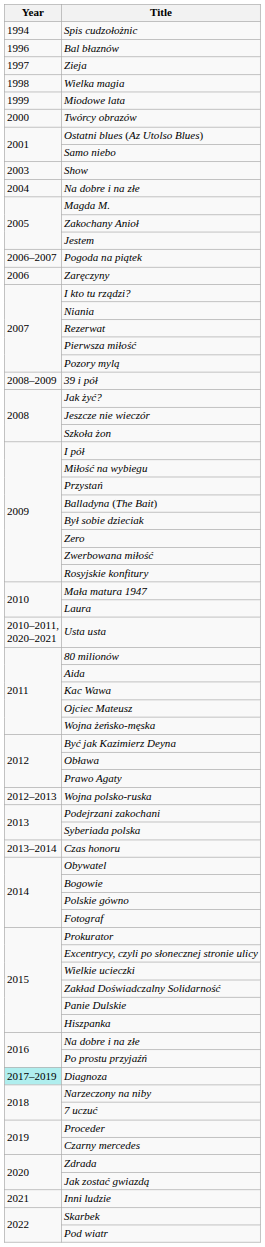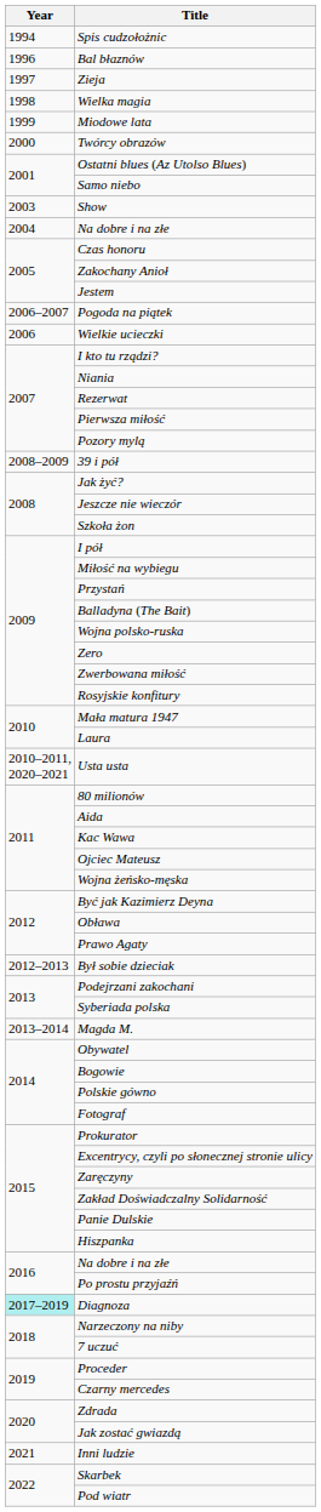 <table class="wikitable">
 <tr>
 <th>Year</th>
 <th>Title</th>
 </tr>
 <tr>
 <td>1994</td>
 <td><em>Spis cudzołożnic</em></td>
 </tr>
 <tr>
 <td>1996</td>
 <td><em>Bal błaznów</em></td>
 </tr>
 <tr>
 <td>1997</td>
 <td><em>Zieja</em></td>
 </tr>
 <tr>
 <td>1998</td>
 <td><em>Wielka magia</em></td>
 </tr>
 <tr>
 <td>1999</td>
 <td><em>Miodowe lata</em></td>
 </tr>
 <tr>
 <td>2000</td>
 <td><em>Twórcy obrazów</em></td>
 </tr>
 <tr>
 <td rowspan="2">2001</td>
 <td><em>Ostatni blues</em> (<em>Az Utolso Blues</em>)</td>
 </tr>
 <tr>
 <td><em>Samo niebo</em></td>
 </tr>
 <tr>
 <td>2003</td>
 <td><em>Show</em></td>
 </tr>
 <tr>
 <td>2004</td>
 <td><em>Na dobre i na złe</em></td>
 </tr>
 <tr>
 <td rowspan="3">2005</td>
-<td><em>Magda M.</em></td>
+<td><em>Czas honoru</em></td>
 </tr>
 <tr>
 <td><em>Zakochany Anioł</em></td>
 </tr>
 <tr>
 <td><em>Jestem</em></td>
 </tr>
 <tr>
 <td>2006–2007</td>
 <td><em>Pogoda na piątek</em></td>
 </tr>
 <tr>
 <td>2006</td>
-<td><em>Zaręczyny</em></td>
+<td><em>Wielkie ucieczki</em></td>
 </tr>
 <tr>
 <td rowspan="5">2007</td>
 <td><em>I kto tu rządzi?</em></td>
 </tr>
 <tr>
 <td><em>Niania</em></td>
 </tr>
 <tr>
 <td><em>Rezerwat</em></td>
 </tr>
 <tr>
 <td><em>Pierwsza miłość</em></td>
 </tr>
 <tr>
 <td><em>Pozory mylą</em></td>
 </tr>
 <tr>
 <td>2008–2009</td>
 <td><em>39 i pół</em></td>
 </tr>
 <tr>
 <td rowspan="3">2008</td>
 <td><em>Jak żyć?</em></td>
 </tr>
 <tr>
 <td><em>Jeszcze nie wieczór</em></td>
 </tr>
 <tr>
 <td><em>Szkoła żon</em></td>
 </tr>
 <tr>
 <td rowspan="8">2009</td>
 <td><em>I pół</em></td>
 </tr>
 <tr>
 <td><em>Miłość na wybiegu</em></td>
 </tr>
 <tr>
 <td><em>Przystań</em></td>
 </tr>
 <tr>
 <td><em>Balladyna</em> (<em>The Bait</em>)</td>
 </tr>
 <tr>
-<td><em>Był sobie dzieciak</em></td>
+<td><em>Wojna polsko-ruska</em></td>
 </tr>
 <tr>
 <td><em>Zero</em></td>
 </tr>
 <tr>
 <td><em>Zwerbowana miłość</em></td>
 </tr>
 <tr>
 <td><em>Rosyjskie konfitury</em></td>
 </tr>
 <tr>
 <td rowspan="2">2010</td>
 <td><em>Mała matura 1947</em></td>
 </tr>
 <tr>
 <td><em>Laura</em></td>
 </tr>
 <tr>
 <td>2010–2011,<br>2020–2021</td>
 <td><em>Usta usta</em></td>
 </tr>
 <tr>
 <td rowspan="5">2011</td>
 <td><em>80 milionów</em></td>
 </tr>
 <tr>
 <td><em>Aida</em></td>
 </tr>
 <tr>
 <td><em>Kac Wawa</em></td>
 </tr>
 <tr>
 <td><em>Ojciec Mateusz</em></td>
 </tr>
 <tr>
 <td><em>Wojna żeńsko-męska</em></td>
 </tr>
 <tr>
 <td rowspan="3">2012</td>
 <td><em>Być jak Kazimierz Deyna</em></td>
 </tr>
 <tr>
 <td><em>Obława</em></td>
 </tr>
 <tr>
 <td><em>Prawo Agaty</em></td>
 </tr>
 <tr>
 <td>2012–2013</td>
-<td><em>Wojna polsko-ruska</em></td>
+<td><em>Był sobie dzieciak</em></td>
 </tr>
 <tr>
 <td rowspan="2">2013</td>
 <td><em>Podejrzani zakochani</em></td>
 </tr>
 <tr>
 <td><em>Syberiada polska</em></td>
 </tr>
 <tr>
 <td>2013–2014</td>
-<td><em>Czas honoru</em></td>
+<td><em>Magda M.</em></td>
 </tr>
 <tr>
 <td rowspan="4">2014</td>
 <td><em>Obywatel</em></td>
 </tr>
 <tr>
 <td><em>Bogowie</em></td>
 </tr>
 <tr>
 <td><em>Polskie gówno</em></td>
 </tr>
 <tr>
 <td><em>Fotograf</em></td>
 </tr>
 <tr>
 <td rowspan="6">2015</td>
 <td><em>Prokurator</em></td>
 </tr>
 <tr>
 <td><em>Excentrycy, czyli po słonecznej stronie ulicy</em></td>
 </tr>
 <tr>
-<td><em>Wielkie ucieczki</em></td>
+<td><em>Zaręczyny</em></td>
 </tr>
 <tr>
 <td><em>Zakład Doświadczalny Solidarność</em></td>
 </tr>
 <tr>
 <td><em>Panie Dulskie</em></td>
 </tr>
 <tr>
 <td><em>Hiszpanka</em></td>
 </tr>
 <tr>
 <td rowspan="2">2016</td>
 <td><em>Na dobre i na złe</em></td>
 </tr>
 <tr>
 <td><em>Po prostu przyjaźń</em></td>
 </tr>
 <tr>
 <td style="background: paleturquoise;">2017–2019</td>
 <td><em>Diagnoza</em></td>
 </tr>
 <tr>
 <td rowspan="2">2018</td>
 <td><em>Narzeczony na niby</em></td>
 </tr>
 <tr>
 <td><em>7 uczuć</em></td>
 </tr>
 <tr>
 <td rowspan="2">2019</td>
 <td><em>Proceder</em></td>
 </tr>
 <tr>
 <td><em>Czarny mercedes</em></td>
 </tr>
 <tr>
 <td rowspan="2">2020</td>
 <td><em>Zdrada</em></td>
 </tr>
 <tr>
 <td><em>Jak zostać gwiazdą</em></td>
 </tr>
 <tr>
 <td>2021</td>
 <td><em>Inni ludzie</em></td>
 </tr>
 <tr>
 <td rowspan="2">2022</td>
 <td><em>Skarbek</em></td>
 </tr>
 <tr>
 <td><em>Pod wiatr</em></td>
 </tr>
 </table>
